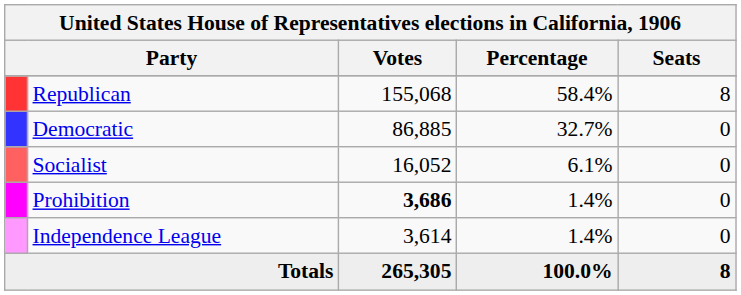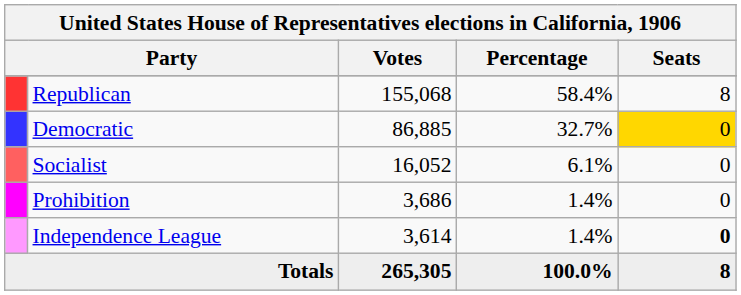 <table class="wikitable" style="font-size: 95%;">
 <tr>
 <th colspan="6">United States House of Representatives elections in California, 1906</th>
 </tr>
 <tr>
 <th colspan=2 style="width: 15em">Party</th>
 <th style="width: 5em">Votes</th>
 <th style="width: 7em">Percentage</th>
 <th style="width: 5em">Seats</th>
 </tr>
 <tr>
 </tr>
 <tr>
 <th style="background-color:#FF3333; width: 3px"></th>
 <td style="width: 130px"><a href='#'>Republican</a></td>
 <td align="right">155,068</td>
 <td align="right">58.4%</td>
 <td align="right">8</td>
 </tr>
 <tr>
 <th style="background-color:#3333FF; width: 3px"></th>
 <td style="width: 130px"><a href='#'>Democratic</a></td>
 <td align="right">86,885</td>
 <td align="right">32.7%</td>
-<td align="right">0</td>
+<td align="right" style="background: gold;">0</td>
 </tr>
 <tr>
 <th style="background-color:#FF6060; width: 3px"></th>
 <td style="width: 130px"><a href='#'>Socialist</a></td>
 <td align="right">16,052</td>
 <td align="right">6.1%</td>
 <td align="right">0</td>
 </tr>
 <tr>
 <th style="background-color:#FF00FF; width: 3px"></th>
 <td style="width: 130px"><a href='#'>Prohibition</a></td>
-<td align="right"><strong>3,686</strong></td>
+<td align="right">3,686</td>
 <td align="right">1.4%</td>
 <td align="right">0</td>
 </tr>
 <tr>
 <th style="background-color:#FF99FF; width: 3px"></th>
 <td style="width: 130px"><a href='#'>Independence League</a></td>
 <td align="right">3,614</td>
 <td align="right">1.4%</td>
-<td align="right">0</td>
+<td align="right"><strong>0</strong></td>
 </tr>
 <tr bgcolor="#EEEEEE">
 <td colspan="2" align="right"><strong>Totals</strong></td>
 <td align="right"><strong>265,305</strong></td>
 <td align="right"><strong>100.0%</strong></td>
 <td align="right"><strong>8</strong></td>
 </tr>
 </table>
